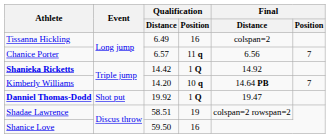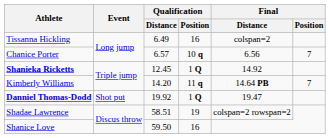 <table class=wikitable style="font-size:90%">
 <tr>
 <th rowspan="2">Athlete</th>
 <th rowspan="2">Event</th>
 <th colspan="2">Qualification</th>
 <th colspan="2">Final</th>
 </tr>
 <tr style="font-size:95%">
 <th>Distance</th>
 <th>Position</th>
 <th>Distance</th>
 <th>Position</th>
 </tr>
 <tr style=text-align:center>
 <td style=text-align:left><a href='#'>Tissanna Hickling</a></td>
 <td style=text-align:left rowspan=2><a href='#'>Long jump</a></td>
 <td>6.49</td>
 <td>16</td>
 <td>colspan=2 </td>
 </tr>
 <tr style=text-align:center>
 <td style=text-align:left><a href='#'>Chanice Porter</a></td>
 <td>6.57</td>
-<td>11 <strong>q</strong></td>
+<td>10 <strong>q</strong></td>
 <td>6.56</td>
 <td>7</td>
 </tr>
 <tr style=text-align:center>
 <td style=text-align:left><strong><a href='#'>Shanieka Ricketts</a></strong></td>
 <td style=text-align:left rowspan=2><a href='#'>Triple jump</a></td>
-<td>14.42</td>
+<td>12.45</td>
 <td>1 <strong>Q</strong></td>
 <td>14.92</td>
 <td></td>
 </tr>
 <tr style=text-align:center>
 <td style=text-align:left><a href='#'>Kimberly Williams</a></td>
 <td>14.20</td>
-<td>10 <strong>q</strong></td>
+<td>11 <strong>q</strong></td>
 <td>14.64 <strong>PB</strong></td>
 <td>7</td>
 </tr>
 <tr style=text-align:center>
 <td style=text-align:left><strong><a href='#'>Danniel Thomas-Dodd</a></strong></td>
 <td style=text-align:left><a href='#'>Shot put</a></td>
 <td>19.92</td>
 <td>1 <strong>Q</strong></td>
 <td>19.47</td>
 <td></td>
 </tr>
 <tr style=text-align:center>
 <td style=text-align:left><a href='#'>Shadae Lawrence</a></td>
 <td style=text-align:left rowspan=2><a href='#'>Discus throw</a></td>
 <td>58.51</td>
 <td>19</td>
 <td>colspan=2 rowspan=2</td>
 </tr>
 <tr style=text-align:center>
 <td style=text-align:left><a href='#'>Shanice Love</a></td>
 <td>59.50</td>
 <td>16</td>
 </tr>
 </table>
